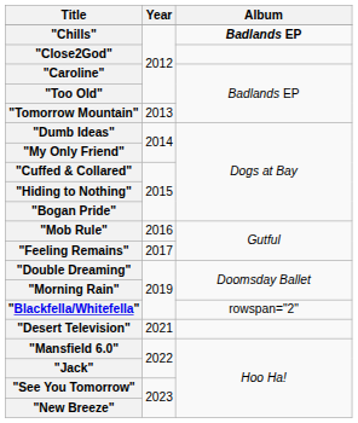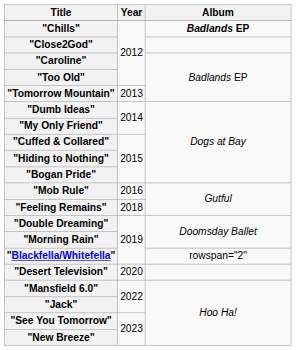 <table class="wikitable plainrowheaders" style="text-align:center;">
 <tr>
 <th scope="col">Title</th>
 <th scope="col">Year</th>
 <th scope="col" width="220">Album</th>
 </tr>
 <tr>
 </tr>
 <tr>
 <th scope="row">"Chills"</th>
 <td rowspan="4">2012</td>
 <td><strong><em>Badlands</em> EP</strong></td>
 </tr>
 <tr>
 <th scope="row">"Close2God"</th>
 <td></td>
 </tr>
 <tr>
 <th scope="row">"Caroline"</th>
 <td rowspan="3"><em>Badlands</em> EP</td>
 </tr>
 <tr>
 <th scope="row">"Too Old"</th>
 </tr>
 <tr>
 <th scope="row">"Tomorrow Mountain"</th>
 <td>2013</td>
 </tr>
 <tr>
 <th scope="row">"Dumb Ideas"</th>
 <td rowspan="2">2014</td>
 <td rowspan="5"><em>Dogs at Bay</em></td>
 </tr>
 <tr>
 <th scope="row">"My Only Friend"</th>
 </tr>
 <tr>
 <th scope="row">"Cuffed & Collared"</th>
 <td rowspan="3">2015</td>
 </tr>
 <tr>
 <th scope="row">"Hiding to Nothing"</th>
 </tr>
 <tr>
 <th scope="row">"Bogan Pride"</th>
 </tr>
 <tr>
 <th scope="row">"Mob Rule"</th>
 <td>2016</td>
 <td rowspan="2"><em>Gutful</em></td>
 </tr>
 <tr>
 <th scope="row">"Feeling Remains"</th>
-<td>2017</td>
+<td>2018</td>
 </tr>
 <tr>
 <th scope="row">"Double Dreaming"</th>
 <td rowspan="3">2019</td>
 <td rowspan="2"><em>Doomsday Ballet</em></td>
 </tr>
 <tr>
 <th scope="row">"Morning Rain"</th>
 </tr>
 <tr>
 <th scope="row">"<a href='#'>Blackfella/Whitefella</a>"<br></th>
 <td>rowspan="2" </td>
 </tr>
 <tr>
 <th scope="row">"Desert Television"</th>
-<td>2021</td>
+<td>2020</td>
 </tr>
 <tr>
 <th scope="row">"Mansfield 6.0"</th>
 <td rowspan="2">2022</td>
 <td rowspan="4"><em>Hoo Ha!</em></td>
 </tr>
 <tr>
 <th scope="row">"Jack"</th>
 </tr>
 <tr>
 <th scope="row">"See You Tomorrow"</th>
 <td rowspan="2">2023</td>
 </tr>
 <tr>
 <th scope="row">"New Breeze"</th>
 </tr>
 </table>
